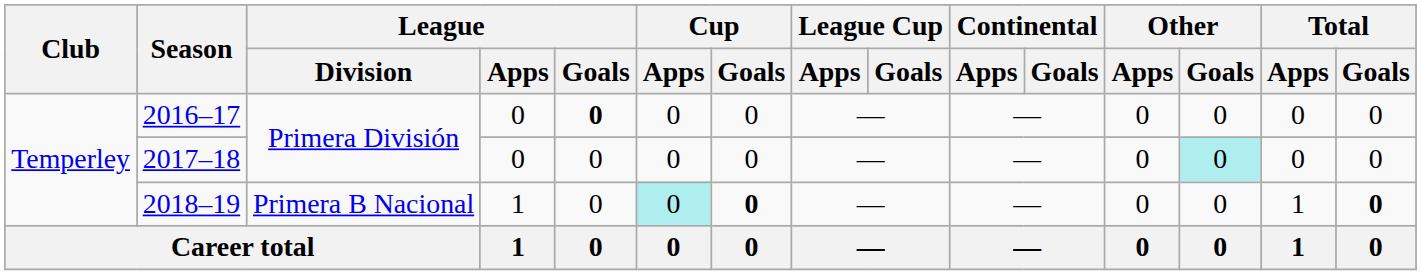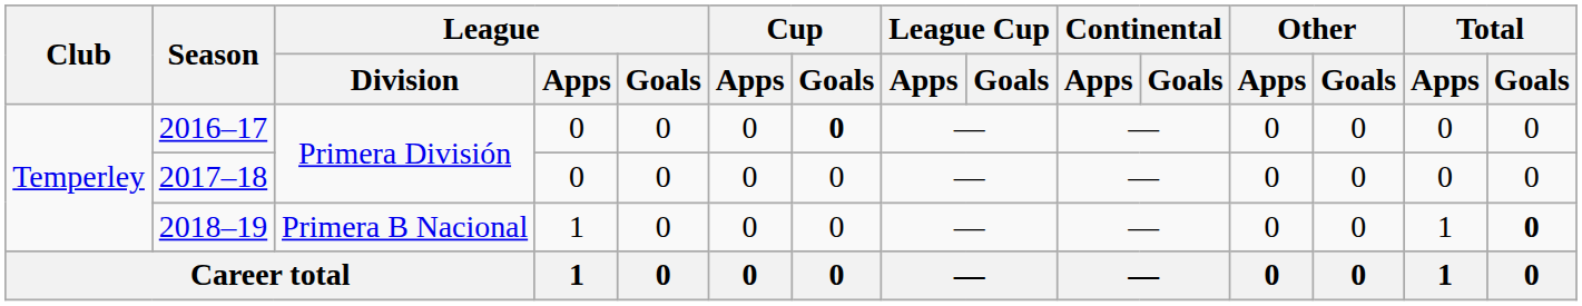 <table class="wikitable" style="text-align:center">
 <tr>
 <th rowspan="2">Club</th>
 <th rowspan="2">Season</th>
 <th colspan="3">League</th>
 <th colspan="2">Cup</th>
 <th colspan="2">League Cup</th>
 <th colspan="2">Continental</th>
 <th colspan="2">Other</th>
 <th colspan="2">Total</th>
 </tr>
 <tr>
 <th>Division</th>
 <th>Apps</th>
 <th>Goals</th>
 <th>Apps</th>
 <th>Goals</th>
 <th>Apps</th>
 <th>Goals</th>
 <th>Apps</th>
 <th>Goals</th>
 <th>Apps</th>
 <th>Goals</th>
 <th>Apps</th>
 <th>Goals</th>
 </tr>
 <tr>
 <td rowspan="3"><a href='#'>Temperley</a></td>
 <td><a href='#'>2016–17</a></td>
 <td rowspan="2"><a href='#'>Primera División</a></td>
 <td>0</td>
-<td><strong>0</strong></td>
 <td>0</td>
 <td>0</td>
+<td><strong>0</strong></td>
 <td colspan="2">—</td>
 <td colspan="2">—</td>
 <td>0</td>
 <td>0</td>
 <td>0</td>
 <td>0</td>
 </tr>
 <tr>
 <td><a href='#'>2017–18</a></td>
 <td>0</td>
 <td>0</td>
 <td>0</td>
 <td>0</td>
 <td colspan="2">—</td>
 <td colspan="2">—</td>
 <td>0</td>
-<td style="background: paleturquoise;">0</td>
+<td>0</td>
 <td>0</td>
 <td>0</td>
 </tr>
 <tr>
 <td><a href='#'>2018–19</a></td>
 <td rowspan="1"><a href='#'>Primera B Nacional</a></td>
 <td>1</td>
 <td>0</td>
-<td style="background: paleturquoise;">0</td>
-<td><strong>0</strong></td>
+<td>0</td>
+<td>0</td>
 <td colspan="2">—</td>
 <td colspan="2">—</td>
 <td>0</td>
 <td>0</td>
 <td>1</td>
 <td><strong>0</strong></td>
 </tr>
 <tr>
 <th colspan="3">Career total</th>
 <th>1</th>
 <th>0</th>
 <th>0</th>
 <th>0</th>
 <th colspan="2">—</th>
 <th colspan="2">—</th>
 <th>0</th>
 <th>0</th>
 <th>1</th>
 <th>0</th>
 </tr>
 </table>
